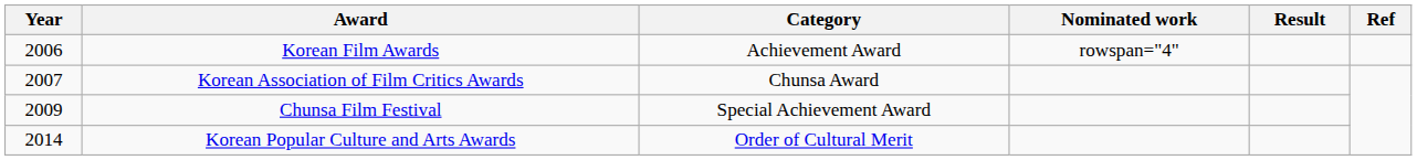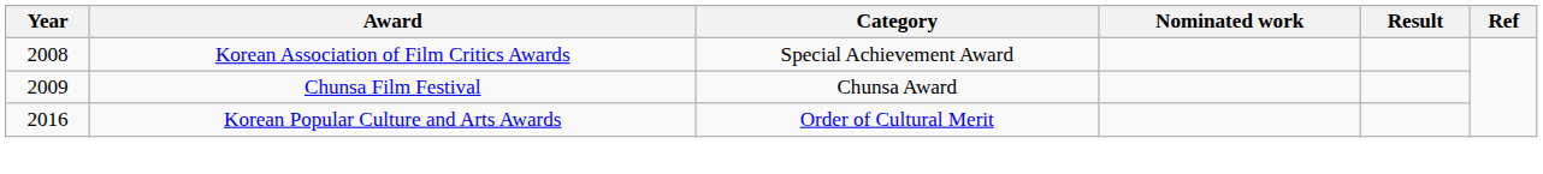 <table class="wikitable" style="text-align: center; width: 60%;">
 <tr>
 <th>Year</th>
 <th>Award</th>
 <th>Category</th>
 <th>Nominated work</th>
 <th>Result</th>
 <th>Ref</th>
 </tr>
 <tr>
-<td>2006</td>
-<td><a href='#'>Korean Film Awards</a></td>
-<td>Achievement Award</td>
-<td>rowspan="4" </td>
-<td></td>
-<td></td>
-</tr>
-<tr>
-<td>2007</td>
+<td>2008</td>
 <td><a href='#'>Korean Association of Film Critics Awards</a></td>
-<td>Chunsa Award</td>
+<td>Special Achievement Award</td>
 <td></td>
 <td></td>
 </tr>
 <tr>
 <td>2009</td>
 <td><a href='#'>Chunsa Film Festival</a></td>
-<td>Special Achievement Award</td>
+<td>Chunsa Award</td>
 <td></td>
 <td></td>
 </tr>
 <tr>
-<td>2014</td>
+<td>2016</td>
 <td><a href='#'>Korean Popular Culture and Arts Awards</a></td>
 <td><a href='#'>Order of Cultural Merit</a></td>
 <td></td>
 <td></td>
 </tr>
 </table>
